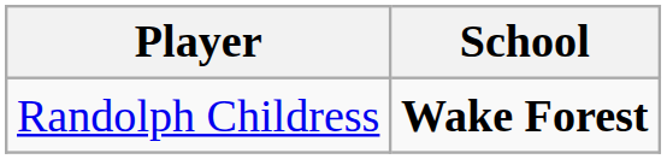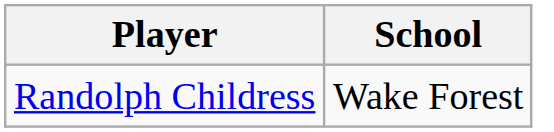 <table class="wikitable sortable">
 <tr>
 <th>Player</th>
 <th>School</th>
 </tr>
 <tr>
 <td><a href='#'>Randolph Childress</a></td>
-<td><strong>Wake Forest</strong></td>
+<td>Wake Forest</td>
 </tr>
 </table>
